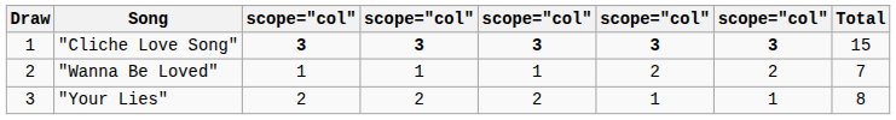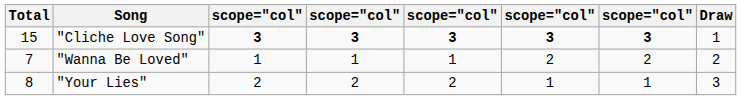 <table class="wikitable collapsible" style="margin: 1em auto 1em auto; text-align:center;">
 <tr>
-<th>Draw</th>
+<th>Total</th>
 <th>Song</th>
 <th>scope="col" </th>
 <th>scope="col" </th>
 <th>scope="col" </th>
 <th>scope="col" </th>
 <th>scope="col" </th>
-<th>Total</th>
+<th>Draw</th>
 </tr>
 <tr>
-<td>1</td>
+<td>15</td>
 <td align=left>"Cliche Love Song"</td>
 <td><strong>3</strong></td>
 <td><strong>3</strong></td>
 <td><strong>3</strong></td>
 <td><strong>3</strong></td>
 <td><strong>3</strong></td>
-<td>15</td>
+<td>1</td>
 </tr>
 <tr>
-<td>2</td>
+<td>7</td>
 <td align=left>"Wanna Be Loved"</td>
 <td>1</td>
 <td>1</td>
 <td>1</td>
 <td>2</td>
 <td>2</td>
-<td>7</td>
+<td>2</td>
 </tr>
 <tr>
-<td>3</td>
+<td>8</td>
 <td align=left>"Your Lies"</td>
 <td>2</td>
 <td>2</td>
 <td>2</td>
 <td>1</td>
 <td>1</td>
-<td>8</td>
+<td>3</td>
 </tr>
 </table>
